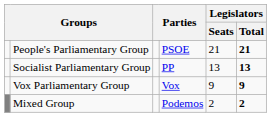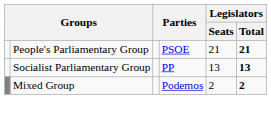 <table class="wikitable" style="text-align:left;">
 <tr>
 <th rowspan="2" colspan="2">Groups</th>
 <th rowspan="2" colspan="2">Parties</th>
 <th colspan="2">Legislators</th>
 </tr>
 <tr>
 <th>Seats</th>
 <th>Total</th>
 </tr>
 <tr>
 <td width="1" style="color:inherit;background:"></td>
 <td>People's Parliamentary Group</td>
 <td width="1" style="color:inherit;background:"></td>
 <td><a href='#'>PSOE</a></td>
 <td>21</td>
 <td><strong>21</strong></td>
 </tr>
 <tr>
 <td style="color:inherit;background:"></td>
 <td>Socialist Parliamentary Group</td>
 <td width="1" style="color:inherit;background:"></td>
 <td><a href='#'>PP</a></td>
 <td>13</td>
 <td><strong>13</strong></td>
 </tr>
 <tr>
-<td style="color:inherit;background:"></td>
-<td>Vox Parliamentary Group</td>
-<td style="color:inherit;background:"></td>
-<td><a href='#'>Vox</a></td>
-<td>9</td>
-<td><strong>9</strong></td>
-</tr>
-<tr>
 <td bgcolor="gray"></td>
 <td>Mixed Group</td>
 <td style="color:inherit;background:"></td>
 <td><a href='#'>Podemos</a></td>
 <td>2</td>
 <td><strong>2</strong></td>
 </tr>
 </table>
